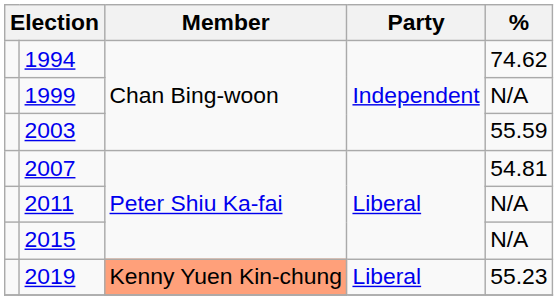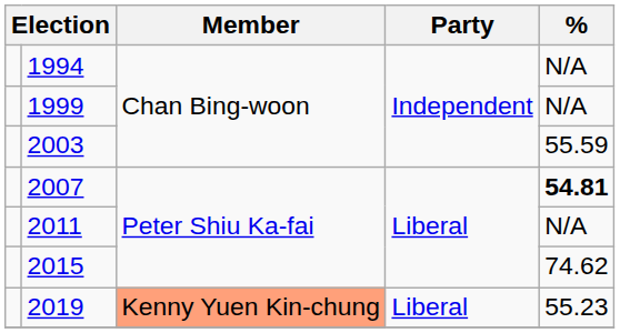 <table class="wikitable">
 <tr>
 <th colspan="2">Election</th>
 <th>Member</th>
 <th>Party</th>
 <th>%</th>
 </tr>
 <tr>
 <td style="background-color: "></td>
 <td><a href='#'>1994</a></td>
 <td rowspan=3>Chan Bing-woon</td>
 <td rowspan=3><a href='#'>Independent</a></td>
-<td>74.62</td>
+<td>N/A</td>
 </tr>
 <tr>
 <td style="background-color: "></td>
 <td><a href='#'>1999</a></td>
 <td>N/A</td>
 </tr>
 <tr>
 <td style="background-color: "></td>
 <td><a href='#'>2003</a></td>
 <td>55.59</td>
 </tr>
 <tr>
 <td style="background-color: "></td>
 <td><a href='#'>2007</a></td>
 <td rowspan=3><a href='#'>Peter Shiu Ka-fai</a></td>
 <td rowspan=3><a href='#'>Liberal</a></td>
-<td>54.81</td>
+<td><strong>54.81</strong></td>
 </tr>
 <tr>
 <td style="background-color: "></td>
 <td><a href='#'>2011</a></td>
 <td>N/A</td>
 </tr>
 <tr>
 <td style="background-color: "></td>
 <td><a href='#'>2015</a></td>
-<td>N/A</td>
+<td>74.62</td>
 </tr>
 <tr>
 <td style="background-color: "></td>
 <td><a href='#'>2019</a></td>
 <td style="background: lightsalmon;">Kenny Yuen Kin-chung</td>
 <td><a href='#'>Liberal</a></td>
 <td>55.23</td>
 </tr>
 <tr>
 </tr>
 </table>
